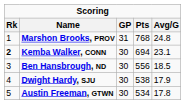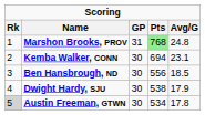 <table class="wikitable" style="white-space:nowrap; font-size:90%;">
 <tr>
 <td colspan=5 style="text-align:center"><strong>Scoring</strong></td>
 </tr>
 <tr>
 <th>Rk</th>
 <th>Name</th>
 <th>GP</th>
 <th>Pts</th>
 <th>Avg/G</th>
 </tr>
 <tr>
 <td>1</td>
 <td><strong><a href='#'>Marshon Brooks</a>, <small>PROV</small></strong></td>
 <td>31</td>
-<td>768</td>
+<td style="background: lightgreen;">768</td>
 <td>24.8</td>
 </tr>
 <tr>
-<td><strong>2</strong></td>
+<td>2</td>
 <td><strong><a href='#'>Kemba Walker</a>, <small>CONN</small></strong></td>
 <td>30</td>
 <td>694</td>
 <td>23.1</td>
 </tr>
 <tr>
 <td>3</td>
 <td><strong><a href='#'>Ben Hansbrough</a>, <small>ND</small></strong></td>
 <td>30</td>
 <td>556</td>
 <td>18.5</td>
 </tr>
 <tr>
 <td>4</td>
 <td><strong><a href='#'>Dwight Hardy</a>, <small>SJU</small></strong></td>
 <td>30</td>
 <td>538</td>
 <td>17.9</td>
 </tr>
 <tr>
-<td>5</td>
+<td style="background: lightgrey;">5</td>
 <td><strong><a href='#'>Austin Freeman</a>, <small>GTWN</small></strong></td>
 <td>30</td>
 <td>534</td>
 <td>17.8</td>
 </tr>
 </table>
